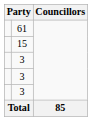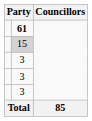 <table class="wikitable">
 <tr>
 <th colspan=2>Party</th>
 <th>Councillors</th>
 </tr>
 <tr>
 <td></td>
-<td align=center>61</td>
+<td align=center><strong>61</strong></td>
 </tr>
 <tr>
 <td></td>
-<td align=center>15</td>
+<td align=center style="background: lightgrey;">15</td>
 </tr>
 <tr>
 <td></td>
 <td align=center>3</td>
 </tr>
 <tr>
 <td></td>
 <td align=center>3</td>
 </tr>
 <tr>
 <td></td>
 <td align=center>3</td>
 </tr>
 <tr>
 <th colspan=2>Total</th>
 <th align=center>85</th>
 </tr>
 </table>
